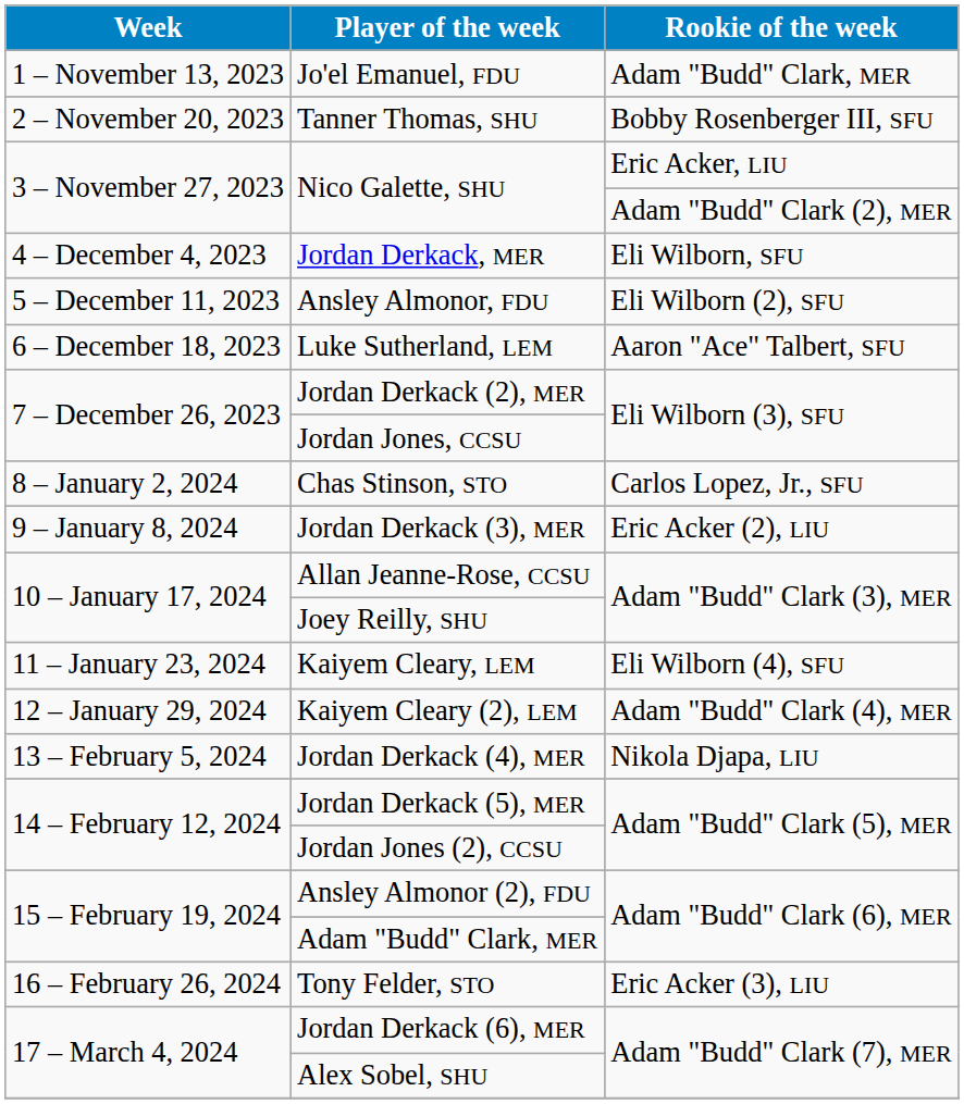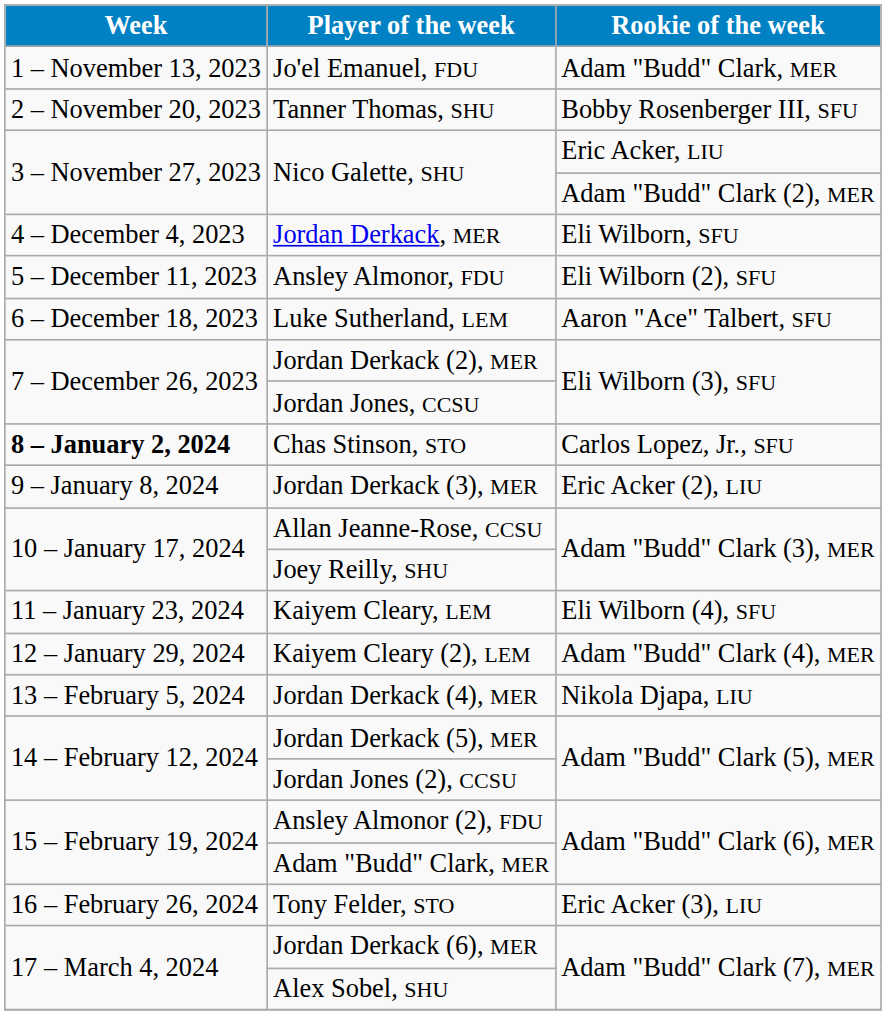 <table class="wikitable" border="1">
 <tr>
 <th align="center" style="background:#0081C4; color:#FFFFFF;">Week</th>
 <th align="center" style="background:#0081C4; color:#FFFFFF;">Player of the week</th>
 <th align="center" style="background:#0081C4; color:#FFFFFF;">Rookie of the week</th>
 </tr>
 <tr>
 <td>1 – November 13, 2023</td>
 <td>Jo'el Emanuel, <small>FDU</small></td>
 <td>Adam "Budd" Clark, <small>MER</small></td>
 </tr>
 <tr>
 <td>2 – November 20, 2023</td>
 <td>Tanner Thomas, <small>SHU</small></td>
 <td>Bobby Rosenberger III, <small>SFU</small></td>
 </tr>
 <tr>
 <td rowspan=2>3 – November 27, 2023</td>
 <td rowspan=2>Nico Galette, <small>SHU</small></td>
 <td>Eric Acker, <small>LIU</small></td>
 </tr>
 <tr>
 <td>Adam "Budd" Clark (2), <small>MER</small></td>
 </tr>
 <tr>
 <td>4 – December 4, 2023</td>
 <td><a href='#'>Jordan Derkack</a>, <small>MER</small></td>
 <td>Eli Wilborn, <small>SFU</small></td>
 </tr>
 <tr>
 <td>5 – December 11, 2023</td>
 <td>Ansley Almonor, <small>FDU</small></td>
 <td>Eli Wilborn (2), <small>SFU</small></td>
 </tr>
 <tr>
 <td>6 – December 18, 2023</td>
 <td>Luke Sutherland, <small>LEM</small></td>
 <td>Aaron "Ace" Talbert, <small>SFU</small></td>
 </tr>
 <tr>
 <td rowspan=2>7 – December 26, 2023</td>
 <td>Jordan Derkack (2), <small>MER</small></td>
 <td rowspan=2>Eli Wilborn (3), <small>SFU</small></td>
 </tr>
 <tr>
 <td>Jordan Jones, <small>CCSU</small></td>
 </tr>
 <tr>
-<td>8 – January 2, 2024</td>
+<td><strong>8 – January 2, 2024</strong></td>
 <td>Chas Stinson, <small>STO</small></td>
 <td>Carlos Lopez, Jr., <small>SFU</small></td>
 </tr>
 <tr>
 <td>9 – January 8, 2024</td>
 <td>Jordan Derkack (3), <small>MER</small></td>
 <td>Eric Acker (2), <small>LIU</small></td>
 </tr>
 <tr>
 <td rowspan=2>10 – January 17, 2024</td>
 <td>Allan Jeanne-Rose, <small>CCSU</small></td>
 <td rowspan=2>Adam "Budd" Clark (3), <small>MER</small></td>
 </tr>
 <tr>
 <td>Joey Reilly, <small>SHU</small></td>
 </tr>
 <tr>
 <td>11 – January 23, 2024</td>
 <td>Kaiyem Cleary, <small>LEM</small></td>
 <td>Eli Wilborn (4), <small>SFU</small></td>
 </tr>
 <tr>
 <td>12 – January 29, 2024</td>
 <td>Kaiyem Cleary (2), <small>LEM</small></td>
 <td>Adam "Budd" Clark (4), <small>MER</small></td>
 </tr>
 <tr>
 <td>13 – February 5, 2024</td>
 <td>Jordan Derkack (4), <small>MER</small></td>
 <td>Nikola Djapa, <small>LIU</small></td>
 </tr>
 <tr>
 <td rowspan=2>14 – February 12, 2024</td>
 <td>Jordan Derkack (5), <small>MER</small></td>
 <td rowspan=2>Adam "Budd" Clark (5), <small>MER</small></td>
 </tr>
 <tr>
 <td>Jordan Jones (2), <small>CCSU</small></td>
 </tr>
 <tr>
 <td rowspan=2>15 – February 19, 2024</td>
 <td>Ansley Almonor (2), <small>FDU</small></td>
 <td rowspan=2>Adam "Budd" Clark (6), <small>MER</small></td>
 </tr>
 <tr>
 <td>Adam "Budd" Clark, <small>MER</small></td>
 </tr>
 <tr>
 <td>16 – February 26, 2024</td>
 <td>Tony Felder, <small>STO</small></td>
 <td>Eric Acker (3), <small>LIU</small></td>
 </tr>
 <tr>
 <td rowspan=2>17 – March 4, 2024</td>
 <td>Jordan Derkack (6), <small>MER</small></td>
 <td rowspan=2>Adam "Budd" Clark (7), <small>MER</small></td>
 </tr>
 <tr>
 <td>Alex Sobel, <small>SHU</small></td>
 </tr>
 <tr>
 </tr>
 </table>
